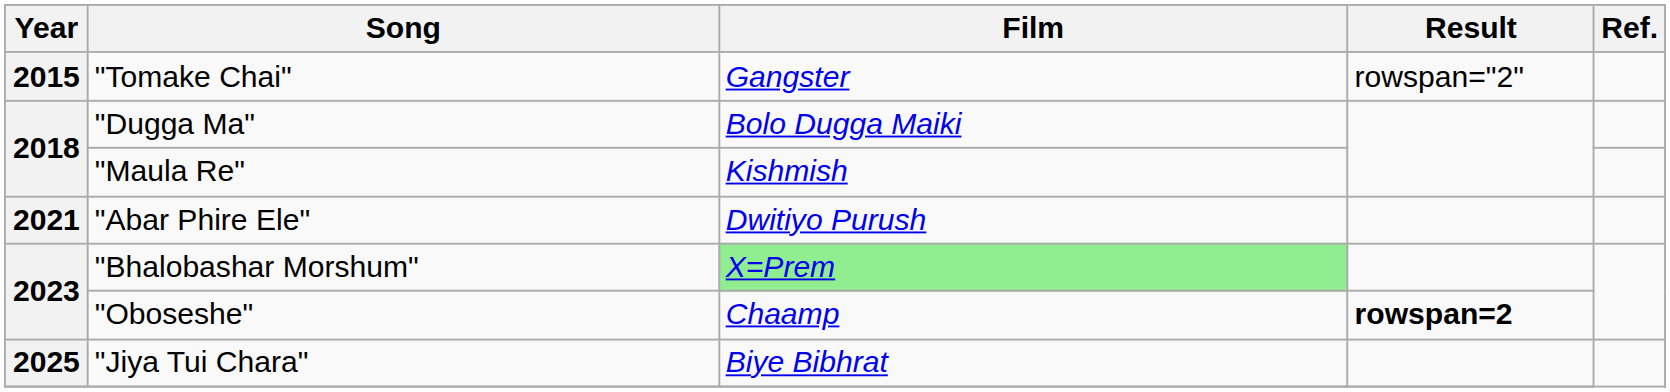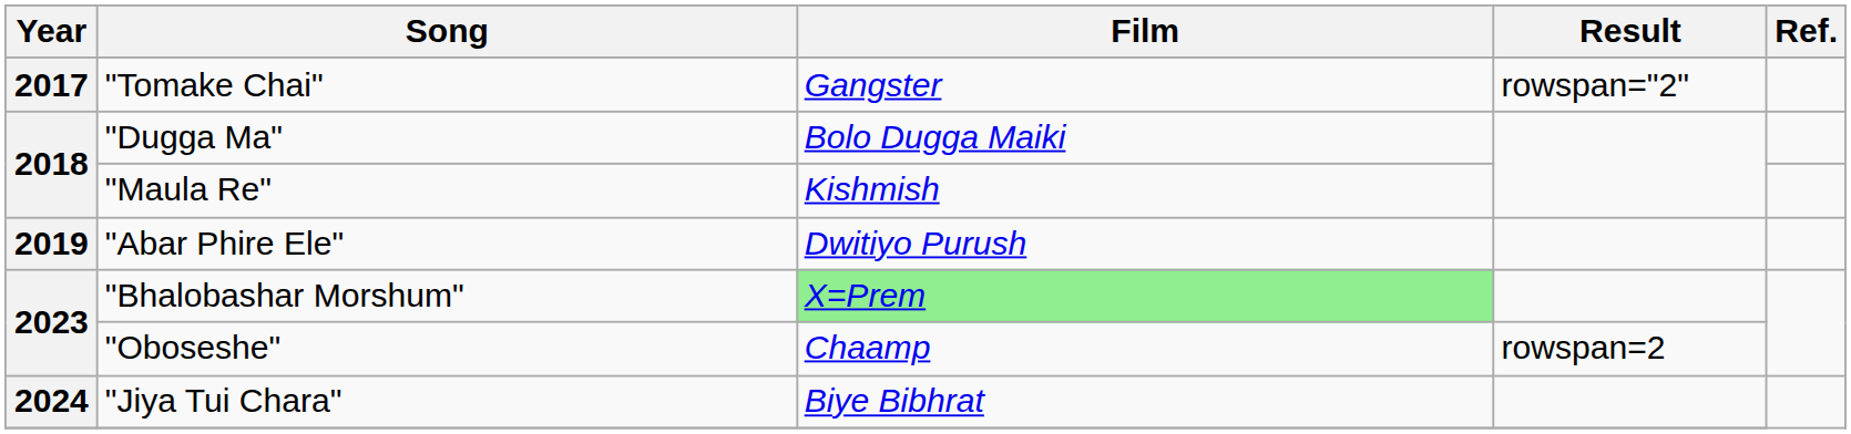 <table class="wikitable plainrowheaders" width="100%" "textcolor:#000;">
 <tr>
 <th scope="col" width=5%><strong>Year</strong></th>
 <th scope="col" width=39%><strong>Song</strong></th>
 <th scope="col" width=39%><strong>Film</strong></th>
 <th scope="col" width=15%><strong>Result</strong></th>
 <th scope="col" width=2%><strong>Ref.</strong></th>
 </tr>
 <tr>
-<th scope="row">2015</th>
+<th scope="row">2017</th>
 <td>"Tomake Chai"</td>
 <td><em><a href='#'>Gangster</a></em></td>
 <td>rowspan="2" </td>
 <td></td>
 </tr>
 <tr>
 <th scope="row" rowspan="2">2018</th>
 <td>"Dugga Ma"</td>
 <td><em><a href='#'>Bolo Dugga Maiki</a></em></td>
 <td rowspan="2"></td>
 </tr>
 <tr>
 <td>"Maula Re"</td>
 <td><em><a href='#'>Kishmish</a></em></td>
 <td></td>
 </tr>
 <tr>
-<th scope="row">2021</th>
+<th scope="row">2019</th>
 <td>"Abar Phire Ele"</td>
 <td><em><a href='#'>Dwitiyo Purush</a></em></td>
 <td></td>
 <td></td>
 </tr>
 <tr>
 <th scope="row" rowspan="2">2023</th>
 <td>"Bhalobashar Morshum"</td>
 <td style="background: lightgreen;"><em><a href='#'>X=Prem</a></em></td>
 <td></td>
 <td rowspan="2"></td>
 </tr>
 <tr>
 <td>"Oboseshe"</td>
 <td><em><a href='#'>Chaamp</a></em></td>
-<td><strong>rowspan=2 </strong></td>
+<td>rowspan=2 </td>
 </tr>
 <tr>
-<th scope="row">2025</th>
+<th scope="row">2024</th>
 <td>"Jiya Tui Chara"</td>
 <td><em><a href='#'>Biye Bibhrat</a></em></td>
 <td></td>
 </tr>
 <tr>
 </tr>
 </table>
